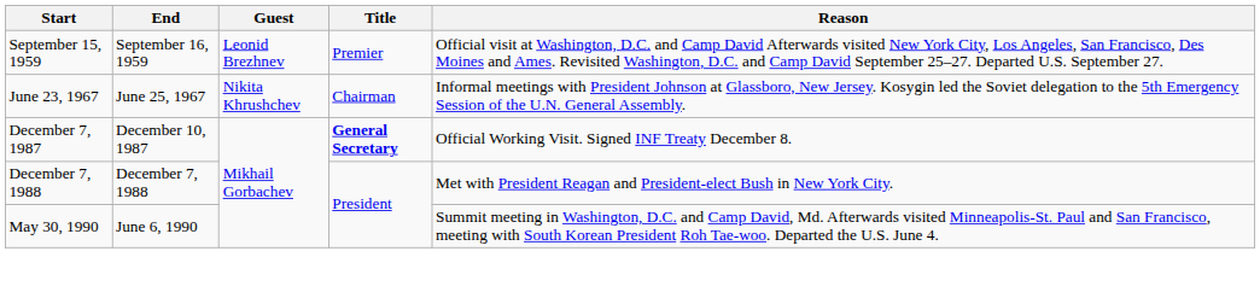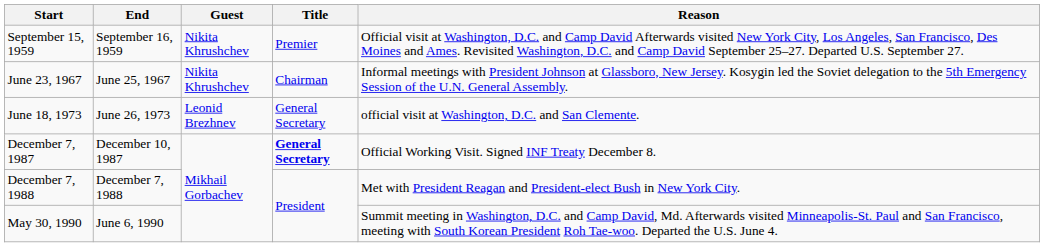 <table class="wikitable sortable">
 <tr>
 <th>Start</th>
 <th>End</th>
 <th>Guest</th>
 <th>Title</th>
 <th>Reason</th>
 </tr>
 <tr>
 <td>September 15, 1959</td>
 <td>September 16, 1959</td>
-<td><a href='#'>Leonid Brezhnev</a></td>
+<td><a href='#'>Nikita Khrushchev</a></td>
 <td><a href='#'>Premier</a></td>
 <td>Official visit at <a href='#'>Washington, D.C.</a> and <a href='#'>Camp David</a> Afterwards visited <a href='#'>New York City</a>, <a href='#'>Los Angeles</a>, <a href='#'>San Francisco</a>, <a href='#'>Des Moines</a> and <a href='#'>Ames</a>. Revisited <a href='#'>Washington, D.C.</a> and <a href='#'>Camp David</a> September 25–27. Departed U.S. September 27.</td>
 </tr>
 <tr>
 <td>June 23, 1967</td>
 <td>June 25, 1967</td>
 <td><a href='#'>Nikita Khrushchev</a></td>
 <td><a href='#'>Chairman</a></td>
 <td>Informal meetings with <a href='#'>President Johnson</a> at <a href='#'>Glassboro, New Jersey</a>. Kosygin led the Soviet delegation to the <a href='#'>5th Emergency Session of the U.N. General Assembly</a>.</td>
+</tr>
+<tr>
+<td>June 18, 1973</td>
+<td>June 26, 1973</td>
+<td><a href='#'>Leonid Brezhnev</a></td>
+<td><a href='#'>General Secretary</a></td>
+<td>official visit at <a href='#'>Washington, D.C.</a> and <a href='#'>San Clemente</a>.</td>
 </tr>
 <tr>
 <td>December 7, 1987</td>
 <td>December 10, 1987</td>
 <td rowspan=3><a href='#'>Mikhail Gorbachev</a></td>
 <td><strong><a href='#'>General Secretary</a></strong></td>
 <td>Official Working Visit. Signed <a href='#'>INF Treaty</a> December 8.</td>
 </tr>
 <tr>
 <td>December 7, 1988</td>
 <td>December 7, 1988</td>
 <td rowspan=2><a href='#'>President</a></td>
 <td>Met with <a href='#'>President Reagan</a> and <a href='#'>President-elect Bush</a> in <a href='#'>New York City</a>.</td>
 </tr>
 <tr>
 <td>May 30, 1990</td>
 <td>June 6, 1990</td>
 <td>Summit meeting in <a href='#'>Washington, D.C.</a> and <a href='#'>Camp David</a>, Md. Afterwards visited <a href='#'>Minneapolis-St. Paul</a> and <a href='#'>San Francisco</a>, meeting with <a href='#'>South Korean President</a> <a href='#'>Roh Tae-woo</a>. Departed the U.S. June 4.</td>
 </tr>
 </table>
